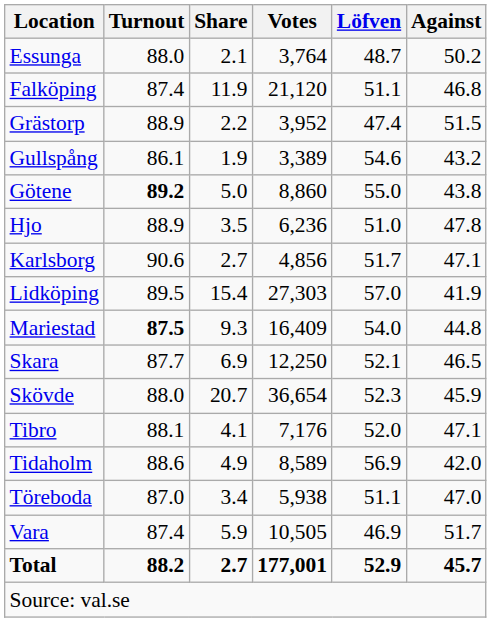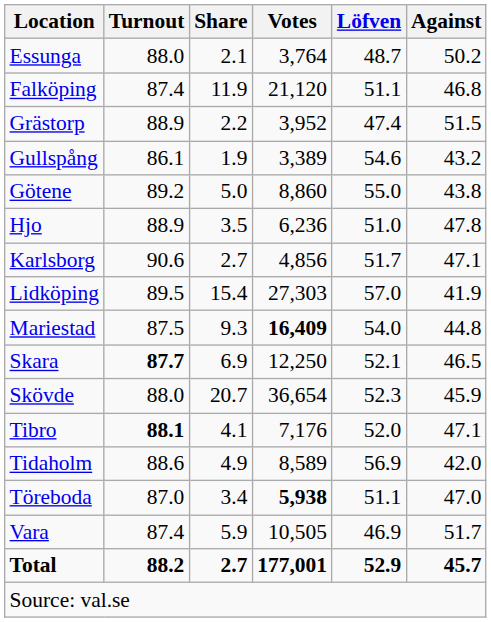 <table class="wikitable sortable" style=text-align:right>
 <tr>
 <th>Location</th>
 <th>Turnout</th>
 <th>Share</th>
 <th>Votes</th>
 <th><a href='#'>Löfven</a></th>
 <th>Against</th>
 </tr>
 <tr>
 <td align=left><a href='#'>Essunga</a></td>
 <td>88.0</td>
 <td>2.1</td>
 <td>3,764</td>
 <td>48.7</td>
 <td>50.2</td>
 </tr>
 <tr>
 <td align=left><a href='#'>Falköping</a></td>
 <td>87.4</td>
 <td>11.9</td>
 <td>21,120</td>
 <td>51.1</td>
 <td>46.8</td>
 </tr>
 <tr>
 <td align=left><a href='#'>Grästorp</a></td>
 <td>88.9</td>
 <td>2.2</td>
 <td>3,952</td>
 <td>47.4</td>
 <td>51.5</td>
 </tr>
 <tr>
 <td align=left><a href='#'>Gullspång</a></td>
 <td>86.1</td>
 <td>1.9</td>
 <td>3,389</td>
 <td>54.6</td>
 <td>43.2</td>
 </tr>
 <tr>
 <td align=left><a href='#'>Götene</a></td>
-<td><strong>89.2</strong></td>
+<td>89.2</td>
 <td>5.0</td>
 <td>8,860</td>
 <td>55.0</td>
 <td>43.8</td>
 </tr>
 <tr>
 <td align=left><a href='#'>Hjo</a></td>
 <td>88.9</td>
 <td>3.5</td>
 <td>6,236</td>
 <td>51.0</td>
 <td>47.8</td>
 </tr>
 <tr>
 <td align=left><a href='#'>Karlsborg</a></td>
 <td>90.6</td>
 <td>2.7</td>
 <td>4,856</td>
 <td>51.7</td>
 <td>47.1</td>
 </tr>
 <tr>
 <td align=left><a href='#'>Lidköping</a></td>
 <td>89.5</td>
 <td>15.4</td>
 <td>27,303</td>
 <td>57.0</td>
 <td>41.9</td>
 </tr>
 <tr>
 <td align=left><a href='#'>Mariestad</a></td>
-<td><strong>87.5</strong></td>
+<td>87.5</td>
 <td>9.3</td>
-<td>16,409</td>
+<td><strong>16,409</strong></td>
 <td>54.0</td>
 <td>44.8</td>
 </tr>
 <tr>
 <td align=left><a href='#'>Skara</a></td>
-<td>87.7</td>
+<td><strong>87.7</strong></td>
 <td>6.9</td>
 <td>12,250</td>
 <td>52.1</td>
 <td>46.5</td>
 </tr>
 <tr>
 <td align=left><a href='#'>Skövde</a></td>
 <td>88.0</td>
 <td>20.7</td>
 <td>36,654</td>
 <td>52.3</td>
 <td>45.9</td>
 </tr>
 <tr>
 <td align=left><a href='#'>Tibro</a></td>
-<td>88.1</td>
+<td><strong>88.1</strong></td>
 <td>4.1</td>
 <td>7,176</td>
 <td>52.0</td>
 <td>47.1</td>
 </tr>
 <tr>
 <td align=left><a href='#'>Tidaholm</a></td>
 <td>88.6</td>
 <td>4.9</td>
 <td>8,589</td>
 <td>56.9</td>
 <td>42.0</td>
 </tr>
 <tr>
 <td align=left><a href='#'>Töreboda</a></td>
 <td>87.0</td>
 <td>3.4</td>
-<td>5,938</td>
+<td><strong>5,938</strong></td>
 <td>51.1</td>
 <td>47.0</td>
 </tr>
 <tr>
 <td align=left><a href='#'>Vara</a></td>
 <td>87.4</td>
 <td>5.9</td>
 <td>10,505</td>
 <td>46.9</td>
 <td>51.7</td>
 </tr>
 <tr>
 <td align=left><strong>Total</strong></td>
 <td><strong>88.2</strong></td>
 <td><strong>2.7</strong></td>
 <td><strong>177,001</strong></td>
 <td><strong>52.9</strong></td>
 <td><strong>45.7</strong></td>
 </tr>
 <tr>
 <td align=left colspan=6>Source: val.se</td>
 </tr>
 </table>
